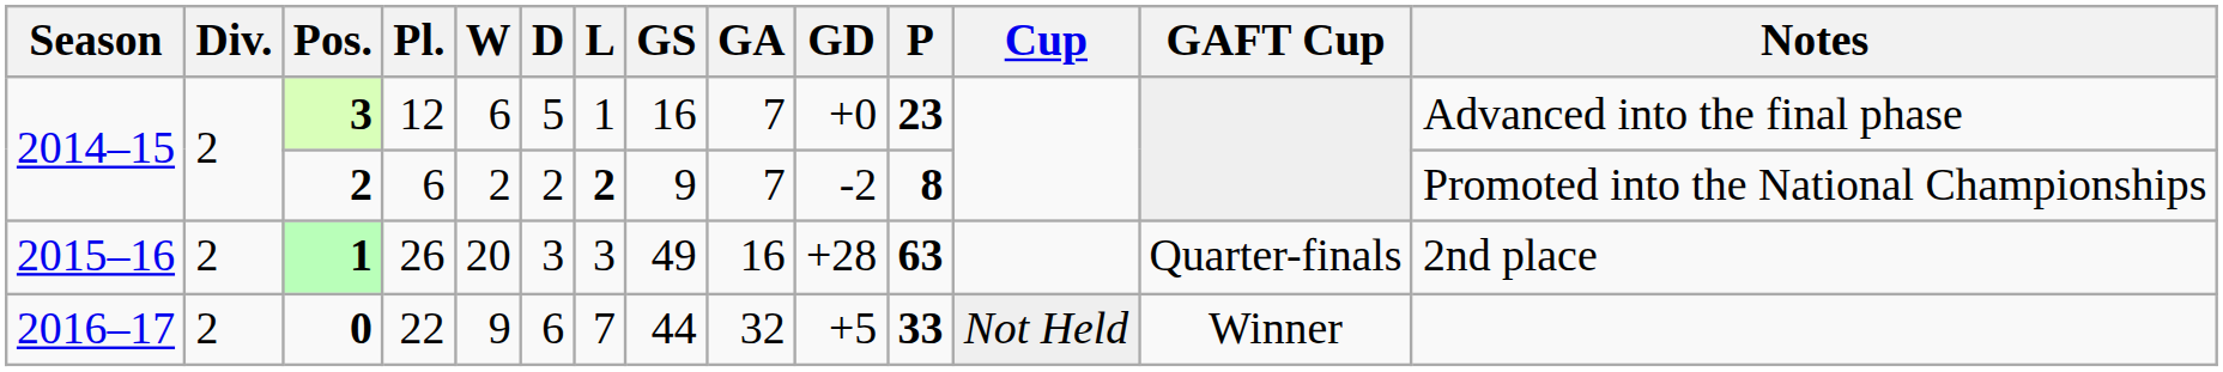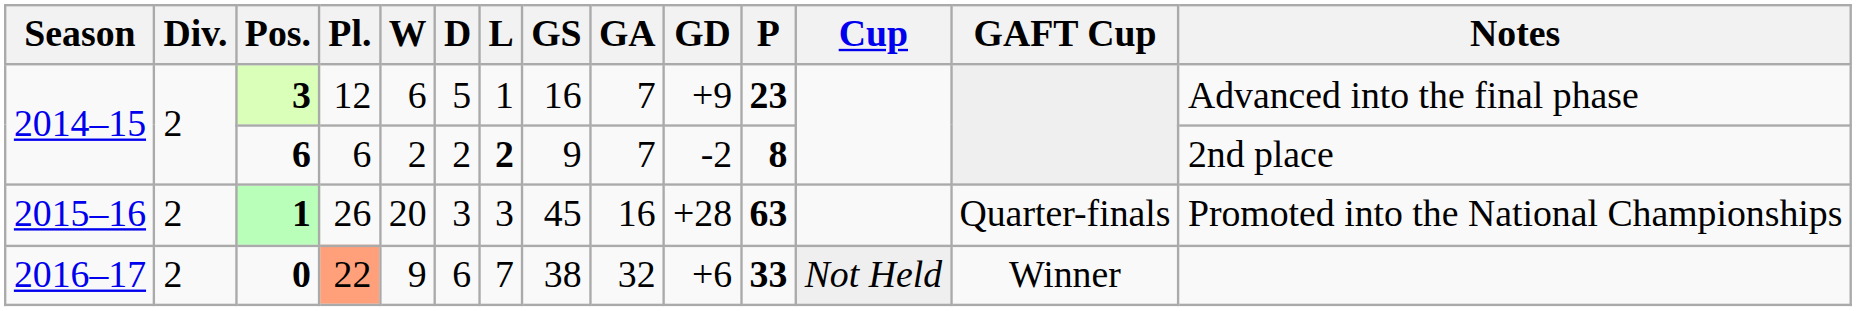 <table class="wikitable">
 <tr style="background:#efefef;">
 <th>Season</th>
 <th>Div.</th>
 <th>Pos.</th>
 <th>Pl.</th>
 <th>W</th>
 <th>D</th>
 <th>L</th>
 <th>GS</th>
 <th>GA</th>
 <th>GD</th>
 <th>P</th>
 <th><a href='#'>Cup</a></th>
 <th>GAFT Cup</th>
 <th>Notes</th>
 </tr>
 <tr>
 <td rowspan="2"><a href='#'>2014–15</a></td>
 <td rowspan="2">2</td>
 <td align=right bgcolor=#D9FFB9><strong>3</strong></td>
 <td align=right>12</td>
 <td align=right>6</td>
 <td align=right>5</td>
 <td align=right>1</td>
 <td align=right>16</td>
 <td align=right>7</td>
-<td align=right>+0</td>
+<td align=right>+9</td>
 <td align=right><strong>23</strong></td>
 <td rowspan="2"></td>
 <td rowspan="2" bgcolor=EFEFEF></td>
 <td>Advanced into the final phase</td>
 </tr>
 <tr>
-<td align=right><strong>2</strong></td>
+<td align=right><strong>6</strong></td>
 <td align=right>6</td>
 <td align=right>2</td>
 <td align=right>2</td>
 <td align=right><strong>2</strong></td>
 <td align=right>9</td>
 <td align=right>7</td>
 <td align=right>-2</td>
 <td align=right><strong>8</strong></td>
-<td>Promoted into the National Championships</td>
+<td>2nd place</td>
 </tr>
 <tr>
 <td><a href='#'>2015–16</a></td>
 <td>2</td>
 <td align=right bgcolor=#B9FFB9><strong>1</strong></td>
 <td align=right>26</td>
 <td align=right>20</td>
 <td align=right>3</td>
 <td align=right>3</td>
-<td align=right>49</td>
+<td align=right>45</td>
 <td align=right>16</td>
 <td align=right>+28</td>
 <td align=right><strong>63</strong></td>
 <td></td>
 <td>Quarter-finals</td>
-<td>2nd place</td>
+<td>Promoted into the National Championships</td>
 </tr>
 <tr>
 <td><a href='#'>2016–17</a></td>
 <td>2</td>
 <td align=right><strong>0</strong></td>
-<td align=right>22</td>
+<td align=right style="background: lightsalmon;">22</td>
 <td align=right>9</td>
 <td align=right>6</td>
 <td align=right>7</td>
-<td align=right>44</td>
+<td align=right>38</td>
 <td align=right>32</td>
-<td align=right>+5</td>
+<td align=right>+6</td>
 <td align=right><strong>33</strong></td>
 <td bgcolor=EFEFEF><em>Not Held</em></td>
 <td align=center>Winner</td>
 <td></td>
 </tr>
 </table>
